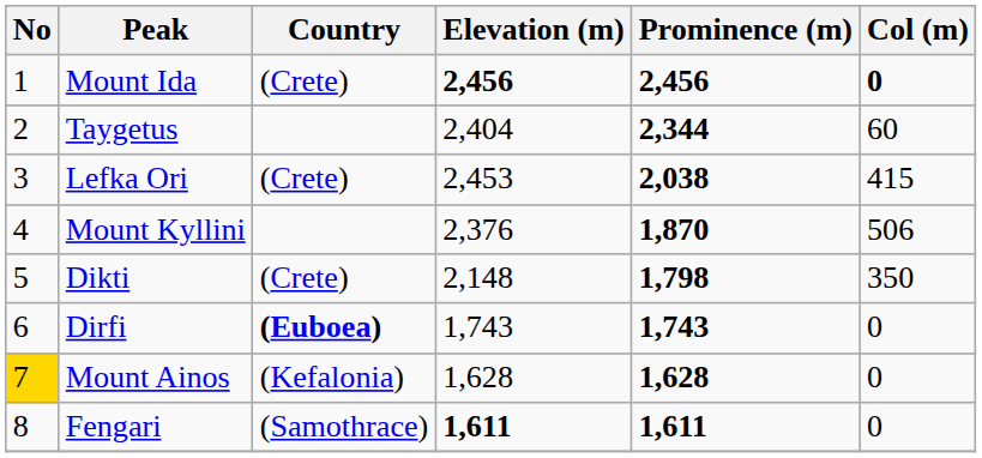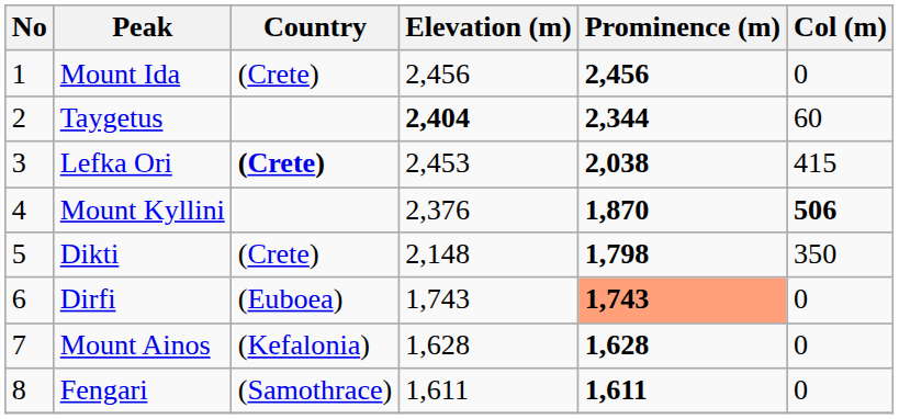 <table class="wikitable sortable">
 <tr>
 <th>No</th>
 <th>Peak</th>
 <th>Country</th>
 <th>Elevation (m)</th>
 <th>Prominence (m)</th>
 <th>Col (m)</th>
 </tr>
 <tr>
 <td>1</td>
 <td><a href='#'>Mount Ida</a></td>
 <td> (<a href='#'>Crete</a>)</td>
+<td>2,456</td>
 <td><strong>2,456</strong></td>
-<td><strong>2,456</strong></td>
-<td><strong>0</strong></td>
+<td>0</td>
 </tr>
 <tr>
 <td>2</td>
 <td><a href='#'>Taygetus</a></td>
 <td></td>
-<td>2,404</td>
+<td><strong>2,404</strong></td>
 <td><strong>2,344</strong></td>
 <td>60</td>
 </tr>
 <tr>
 <td>3</td>
 <td><a href='#'>Lefka Ori</a></td>
-<td> (<a href='#'>Crete</a>)</td>
+<td><strong> (<a href='#'>Crete</a>)</strong></td>
 <td>2,453</td>
 <td><strong>2,038</strong></td>
 <td>415</td>
 </tr>
 <tr>
 <td>4</td>
 <td><a href='#'>Mount Kyllini</a></td>
 <td></td>
 <td>2,376</td>
 <td><strong>1,870</strong></td>
-<td>506</td>
+<td><strong>506</strong></td>
 </tr>
 <tr>
 <td>5</td>
 <td><a href='#'>Dikti</a></td>
 <td> (<a href='#'>Crete</a>)</td>
 <td>2,148</td>
 <td><strong>1,798</strong></td>
 <td>350</td>
 </tr>
 <tr>
 <td>6</td>
 <td><a href='#'>Dirfi</a></td>
-<td><strong> (<a href='#'>Euboea</a>)</strong></td>
+<td> (<a href='#'>Euboea</a>)</td>
 <td>1,743</td>
-<td><strong>1,743</strong></td>
+<td style="background: lightsalmon;"><strong>1,743</strong></td>
 <td>0</td>
 </tr>
 <tr>
-<td style="background: gold;">7</td>
+<td>7</td>
 <td><a href='#'>Mount Ainos</a></td>
 <td> (<a href='#'>Kefalonia</a>)</td>
 <td>1,628</td>
 <td><strong>1,628</strong></td>
 <td>0</td>
 </tr>
 <tr>
 <td>8</td>
 <td><a href='#'>Fengari</a></td>
 <td> (<a href='#'>Samothrace</a>)</td>
-<td><strong>1,611</strong></td>
+<td>1,611</td>
 <td><strong>1,611</strong></td>
 <td>0</td>
 </tr>
 <tr>
 </tr>
 </table>
